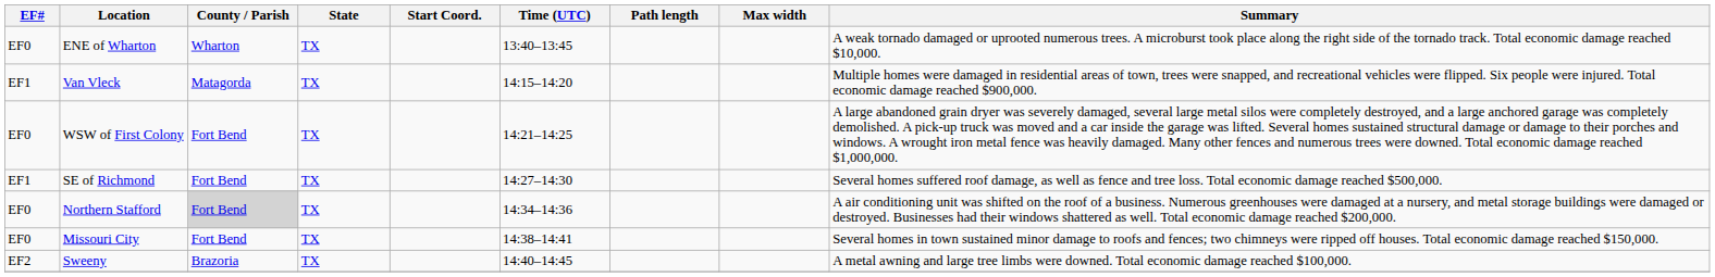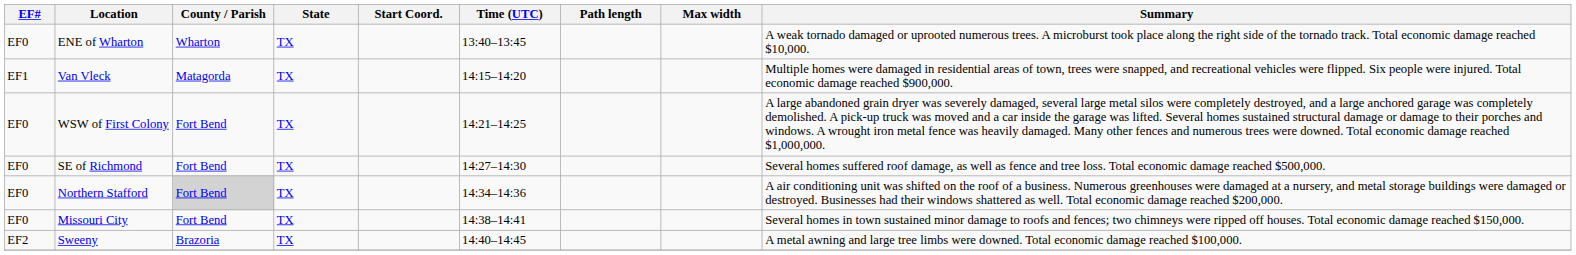 <table class="wikitable sortable" style="width:100%;">
 <tr>
 <th scope="col" style="width:3%; text-align:center;"><a href='#'>EF#</a></th>
 <th scope="col" style="width:7%; text-align:center;" class="unsortable">Location</th>
 <th scope="col" style="width:6%; text-align:center;" class="unsortable">County / Parish</th>
 <th scope="col" style="width:5%; text-align:center;">State</th>
 <th scope="col" style="width:6%; text-align:center;">Start Coord.</th>
 <th scope="col" style="width:6%; text-align:center;">Time (<a href='#'>UTC</a>)</th>
 <th scope="col" style="width:6%; text-align:center;">Path length</th>
 <th scope="col" style="width:6%; text-align:center;">Max width</th>
 <th scope="col" class="unsortable" style="width:48%; text-align:center;">Summary</th>
 </tr>
 <tr>
 <td>EF0</td>
 <td>ENE of <a href='#'>Wharton</a></td>
 <td><a href='#'>Wharton</a></td>
 <td><a href='#'>TX</a></td>
 <td></td>
 <td>13:40–13:45</td>
 <td></td>
 <td></td>
 <td>A weak tornado damaged or uprooted numerous trees. A microburst took place along the right side of the tornado track. Total economic damage reached $10,000.</td>
 </tr>
 <tr>
 <td>EF1</td>
 <td><a href='#'>Van Vleck</a></td>
 <td><a href='#'>Matagorda</a></td>
 <td><a href='#'>TX</a></td>
 <td></td>
 <td>14:15–14:20</td>
 <td></td>
 <td></td>
 <td>Multiple homes were damaged in residential areas of town, trees were snapped, and recreational vehicles were flipped. Six people were injured. Total economic damage reached $900,000.</td>
 </tr>
 <tr>
 <td>EF0</td>
 <td>WSW of <a href='#'>First Colony</a></td>
 <td><a href='#'>Fort Bend</a></td>
 <td><a href='#'>TX</a></td>
 <td></td>
 <td>14:21–14:25</td>
 <td></td>
 <td></td>
 <td>A large abandoned grain dryer was severely damaged, several large metal silos were completely destroyed, and a large anchored garage was completely demolished. A pick-up truck was moved and a car inside the garage was lifted. Several homes sustained structural damage or damage to their porches and windows. A wrought iron metal fence was heavily damaged. Many other fences and numerous trees were downed. Total economic damage reached $1,000,000.</td>
 </tr>
 <tr>
-<td>EF1</td>
+<td>EF0</td>
 <td>SE of <a href='#'>Richmond</a></td>
 <td><a href='#'>Fort Bend</a></td>
 <td><a href='#'>TX</a></td>
 <td></td>
 <td>14:27–14:30</td>
 <td></td>
 <td></td>
 <td>Several homes suffered roof damage, as well as fence and tree loss. Total economic damage reached $500,000.</td>
 </tr>
 <tr>
 <td>EF0</td>
 <td><a href='#'>Northern Stafford</a></td>
 <td style="background: lightgrey;"><a href='#'>Fort Bend</a></td>
 <td><a href='#'>TX</a></td>
 <td></td>
 <td>14:34–14:36</td>
 <td></td>
 <td></td>
 <td>A  air conditioning unit was shifted on the roof of a business. Numerous greenhouses were damaged at a nursery, and metal storage buildings were damaged or destroyed. Businesses had their windows shattered as well. Total economic damage reached $200,000.</td>
 </tr>
 <tr>
 <td>EF0</td>
 <td><a href='#'>Missouri City</a></td>
 <td><a href='#'>Fort Bend</a></td>
 <td><a href='#'>TX</a></td>
 <td></td>
 <td>14:38–14:41</td>
 <td></td>
 <td></td>
 <td>Several homes in town sustained minor damage to roofs and fences; two chimneys were ripped off houses. Total economic damage reached $150,000.</td>
 </tr>
 <tr>
 <td>EF2</td>
 <td><a href='#'>Sweeny</a></td>
 <td><a href='#'>Brazoria</a></td>
 <td><a href='#'>TX</a></td>
 <td></td>
 <td>14:40–14:45</td>
 <td></td>
 <td></td>
 <td>A metal awning and large tree limbs were downed. Total economic damage reached $100,000.</td>
 </tr>
 <tr>
 </tr>
 </table>
